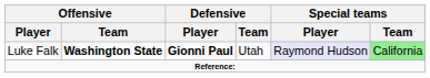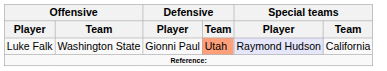 <table class="wikitable">
 <tr>
 <th colspan="2">Offensive</th>
 <th colspan="2">Defensive</th>
 <th colspan="2">Special teams</th>
 </tr>
 <tr>
 <th>Player</th>
 <th>Team</th>
 <th>Player</th>
 <th>Team</th>
 <th>Player</th>
 <th>Team</th>
 </tr>
 <tr>
 <td>Luke Falk</td>
-<td><strong>Washington State</strong></td>
-<td><strong>Gionni Paul</strong></td>
-<td>Utah</td>
+<td>Washington State</td>
+<td>Gionni Paul</td>
+<td style="background: lightsalmon;">Utah</td>
 <td style="background: lavender;">Raymond Hudson</td>
-<td style="background: lightgreen;">California</td>
+<td>California</td>
 </tr>
 <tr>
 <td colspan="12"  style="font-size:8pt; text-align:center;"><strong>Reference:</strong></td>
 </tr>
 </table>
